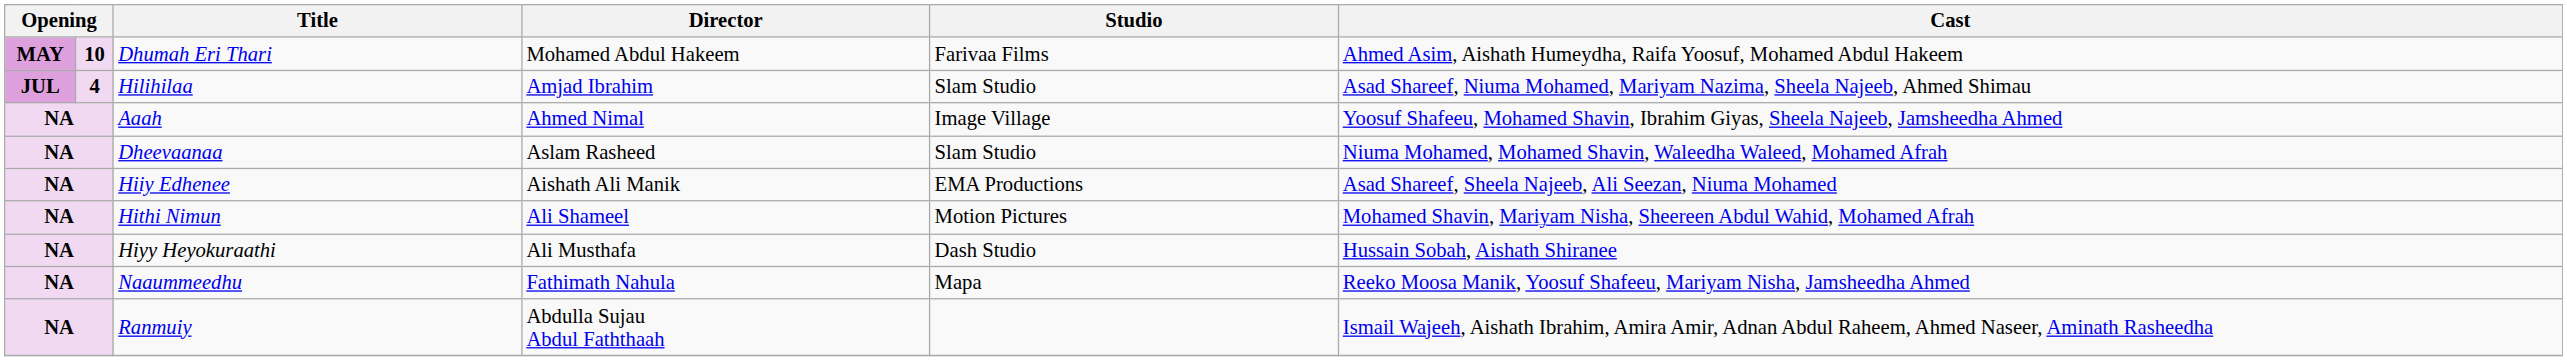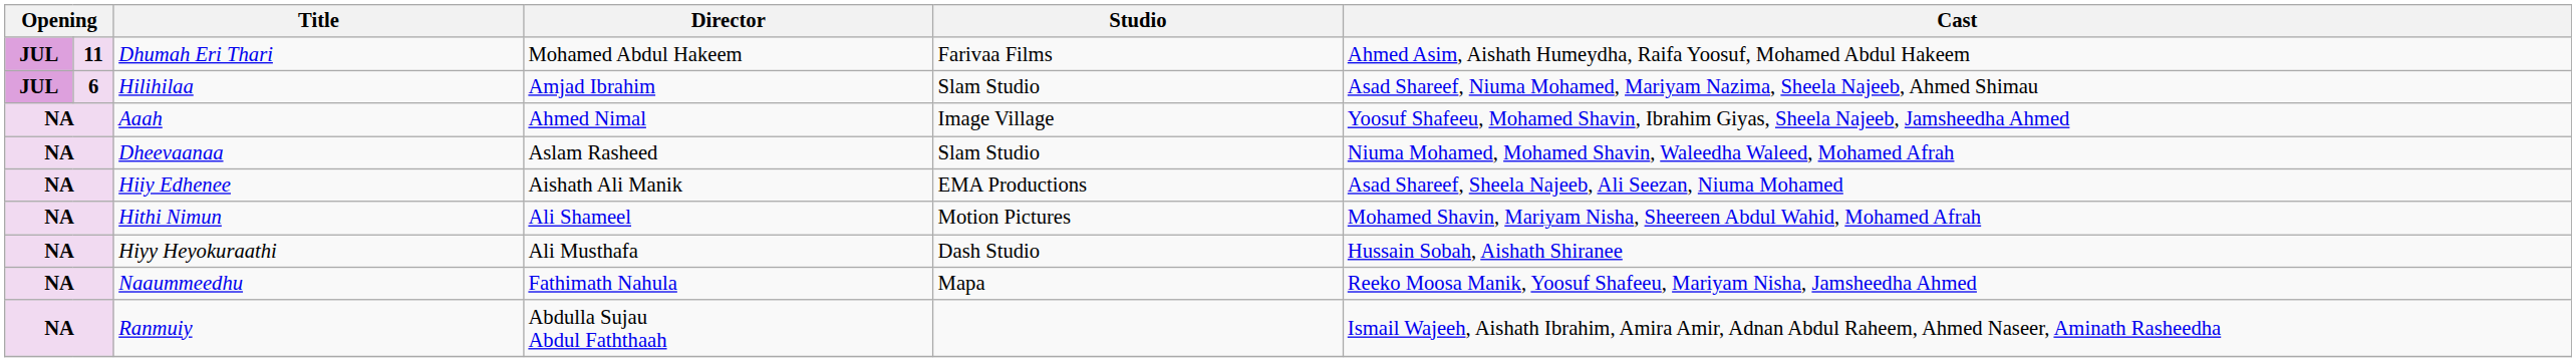 <table class="wikitable plainrowheaders" width="100%">
 <tr>
 <th scope="col" colspan="2" width=4%>Opening</th>
 <th scope="col" width=15%>Title</th>
 <th scope="col" width=15%>Director</th>
 <th scope="col" width=15%>Studio</th>
 <th scope="col" width=45%>Cast</th>
 </tr>
 <tr>
-<td style="text-align:center; background:plum; textcolor:#000;"><strong>MAY</strong></td>
-<td style="text-align:center; background:#f1daf1;"><strong>10</strong></td>
+<td style="text-align:center; background:plum; textcolor:#000;"><strong>JUL</strong></td>
+<td style="text-align:center; background:#f1daf1;"><strong>11</strong></td>
 <td><em><a href='#'>Dhumah Eri Thari</a></em></td>
 <td>Mohamed Abdul Hakeem</td>
 <td>Farivaa Films</td>
 <td><a href='#'>Ahmed Asim</a>, Aishath Humeydha, Raifa Yoosuf, Mohamed Abdul Hakeem</td>
 </tr>
 <tr>
 <td style="text-align:center; background:plum; textcolor:#000;"><strong>JUL</strong></td>
-<td style="text-align:center; background:#f1daf1;"><strong>4</strong></td>
+<td style="text-align:center; background:#f1daf1;"><strong>6</strong></td>
 <td><em><a href='#'>Hilihilaa</a></em></td>
 <td><a href='#'>Amjad Ibrahim</a></td>
 <td>Slam Studio</td>
 <td><a href='#'>Asad Shareef</a>, <a href='#'>Niuma Mohamed</a>, <a href='#'>Mariyam Nazima</a>, <a href='#'>Sheela Najeeb</a>, Ahmed Shimau</td>
 </tr>
 <tr>
 <td colspan="2" style="text-align:center; background:#f1daf1;"><strong>NA</strong></td>
 <td><em><a href='#'>Aaah</a></em></td>
 <td><a href='#'>Ahmed Nimal</a></td>
 <td>Image Village</td>
 <td><a href='#'>Yoosuf Shafeeu</a>, <a href='#'>Mohamed Shavin</a>, Ibrahim Giyas, <a href='#'>Sheela Najeeb</a>, <a href='#'>Jamsheedha Ahmed</a></td>
 </tr>
 <tr>
 <td colspan="2" style="text-align:center; background:#f1daf1;"><strong>NA</strong></td>
 <td><em><a href='#'>Dheevaanaa</a></em></td>
 <td>Aslam Rasheed</td>
 <td>Slam Studio</td>
 <td><a href='#'>Niuma Mohamed</a>, <a href='#'>Mohamed Shavin</a>, <a href='#'>Waleedha Waleed</a>, <a href='#'>Mohamed Afrah</a></td>
 </tr>
 <tr>
 <td style="text-align:center; background:#f1daf1;" colspan="2"><strong>NA</strong></td>
 <td><em><a href='#'>Hiiy Edhenee</a></em></td>
 <td>Aishath Ali Manik</td>
 <td>EMA Productions</td>
 <td><a href='#'>Asad Shareef</a>, <a href='#'>Sheela Najeeb</a>, <a href='#'>Ali Seezan</a>, <a href='#'>Niuma Mohamed</a></td>
 </tr>
 <tr>
 <td style="text-align:center; background:#f1daf1;" colspan="2"><strong>NA</strong></td>
 <td><em><a href='#'>Hithi Nimun</a></em></td>
 <td><a href='#'>Ali Shameel</a></td>
 <td>Motion Pictures</td>
 <td><a href='#'>Mohamed Shavin</a>, <a href='#'>Mariyam Nisha</a>, <a href='#'>Sheereen Abdul Wahid</a>, <a href='#'>Mohamed Afrah</a></td>
 </tr>
 <tr>
 <td style="text-align:center; background:#f1daf1;" colspan="2"><strong>NA</strong></td>
 <td><em>Hiyy Heyokuraathi</em></td>
 <td>Ali Musthafa</td>
 <td>Dash Studio</td>
 <td><a href='#'>Hussain Sobah</a>, <a href='#'>Aishath Shiranee</a></td>
 </tr>
 <tr>
 <td style="text-align:center; background:#f1daf1;" colspan="2"><strong>NA</strong></td>
 <td><em><a href='#'>Naaummeedhu</a></em></td>
 <td><a href='#'>Fathimath Nahula</a></td>
 <td>Mapa</td>
 <td><a href='#'>Reeko Moosa Manik</a>, <a href='#'>Yoosuf Shafeeu</a>, <a href='#'>Mariyam Nisha</a>, <a href='#'>Jamsheedha Ahmed</a></td>
 </tr>
 <tr>
 <td colspan="2" style="text-align:center; background:#f1daf1;"><strong>NA</strong></td>
 <td><em><a href='#'>Ranmuiy</a></em></td>
 <td>Abdulla Sujau<br><a href='#'>Abdul Faththaah</a></td>
 <td></td>
 <td><a href='#'>Ismail Wajeeh</a>, Aishath Ibrahim, Amira Amir, Adnan Abdul Raheem, Ahmed Naseer, <a href='#'>Aminath Rasheedha</a></td>
 </tr>
 <tr>
 </tr>
 </table>
